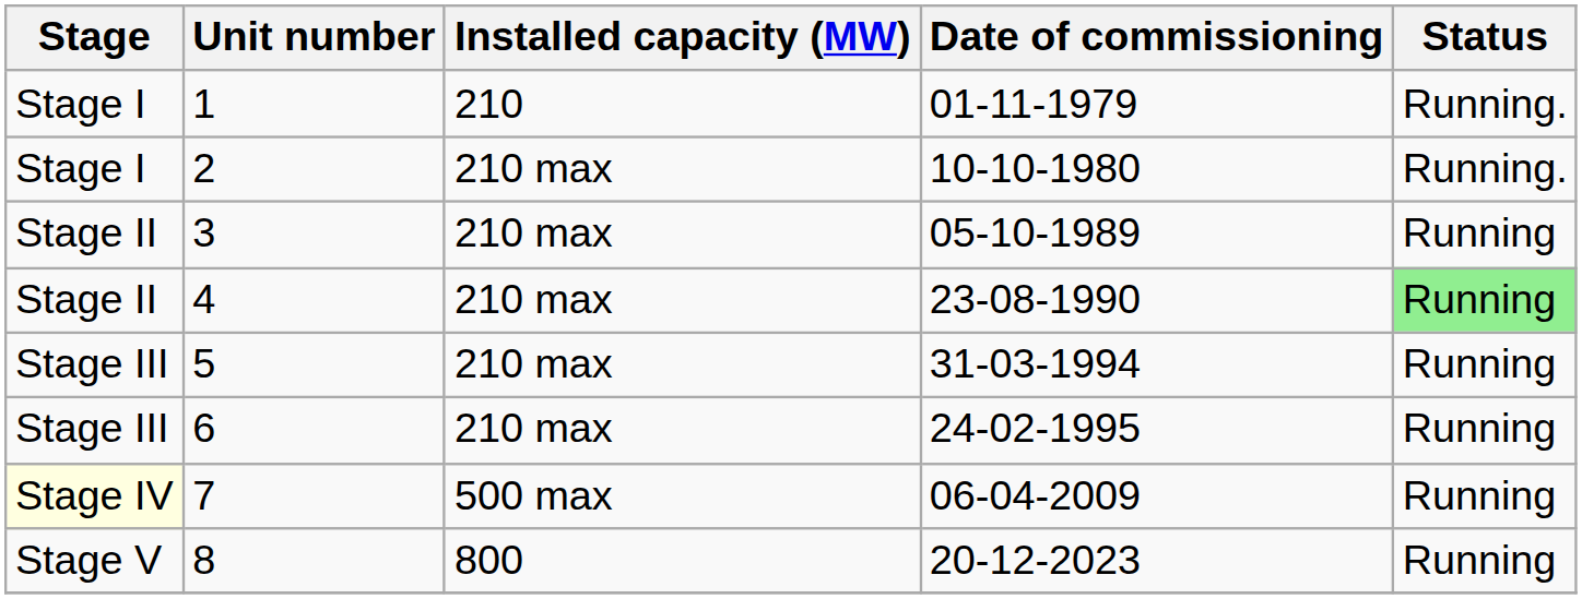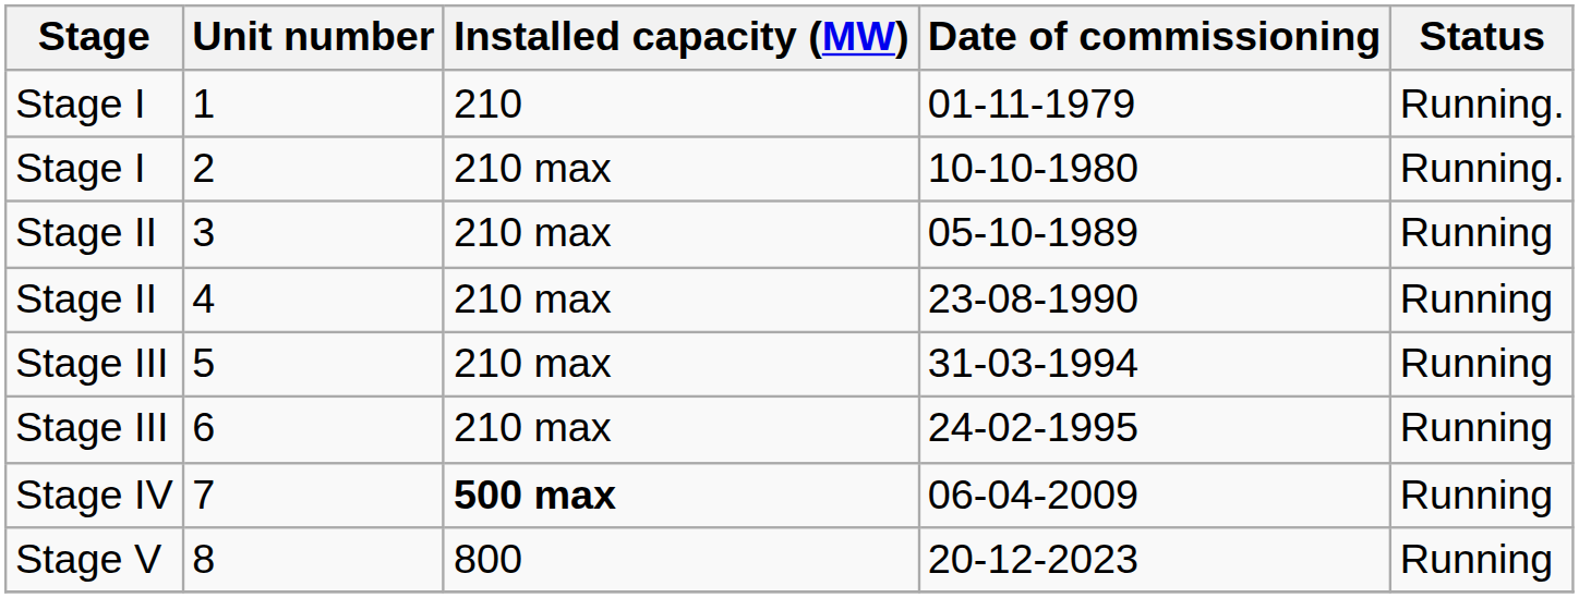 <table class="sortable wikitable">
 <tr>
 <th>Stage</th>
 <th>Unit number</th>
 <th>Installed capacity (<a href='#'>MW</a>)</th>
 <th>Date of commissioning</th>
 <th>Status</th>
 </tr>
 <tr>
 <td>Stage I</td>
 <td>1</td>
 <td>210</td>
 <td>01-11-1979</td>
 <td>Running.</td>
 </tr>
 <tr>
 <td>Stage I</td>
 <td>2</td>
 <td>210 max</td>
 <td>10-10-1980</td>
 <td>Running.</td>
 </tr>
 <tr>
 <td>Stage II</td>
 <td>3</td>
 <td>210 max</td>
 <td>05-10-1989</td>
 <td>Running</td>
 </tr>
 <tr>
 <td>Stage II</td>
 <td>4</td>
 <td>210 max</td>
 <td>23-08-1990</td>
-<td style="background: lightgreen;">Running</td>
+<td>Running</td>
 </tr>
 <tr>
 <td>Stage III</td>
 <td>5</td>
 <td>210 max</td>
 <td>31-03-1994</td>
 <td>Running</td>
 </tr>
 <tr>
 <td>Stage III</td>
 <td>6</td>
 <td>210 max</td>
 <td>24-02-1995</td>
 <td>Running</td>
 </tr>
 <tr>
-<td style="background: lightyellow;">Stage IV</td>
+<td>Stage IV</td>
 <td>7</td>
-<td>500 max</td>
+<td><strong>500 max</strong></td>
 <td>06-04-2009</td>
 <td>Running</td>
 </tr>
 <tr>
 <td>Stage V</td>
 <td>8</td>
 <td>800</td>
 <td>20-12-2023</td>
 <td>Running</td>
 </tr>
 <tr>
 </tr>
 </table>
